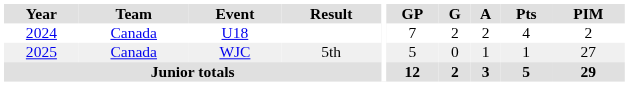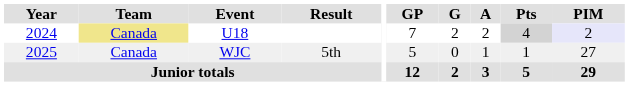 <table border="0" cellpadding="1" cellspacing="0" ID="Table3" style="text-align:center; width:40em">
 <tr bgcolor="#e0e0e0">
 <th>Year</th>
 <th>Team</th>
 <th>Event</th>
 <th>Result</th>
 <th rowspan="99" bgcolor="#ffffff"></th>
 <th>GP</th>
 <th>G</th>
 <th>A</th>
 <th>Pts</th>
 <th>PIM</th>
 </tr>
 <tr>
 <td><a href='#'>2024</a></td>
-<td><a href='#'>Canada</a></td>
+<td style="background: khaki;"><a href='#'>Canada</a></td>
 <td><a href='#'>U18</a></td>
 <td></td>
 <td>7</td>
 <td>2</td>
 <td>2</td>
-<td>4</td>
-<td>2</td>
+<td style="background: lightgrey;">4</td>
+<td style="background: lavender;">2</td>
 </tr>
 <tr bgcolor="#f0f0f0">
 <td><a href='#'>2025</a></td>
 <td><a href='#'>Canada</a></td>
 <td><a href='#'>WJC</a></td>
 <td>5th</td>
 <td>5</td>
 <td>0</td>
 <td>1</td>
 <td>1</td>
 <td>27</td>
 </tr>
 <tr bgcolor="#e0e0e0">
 <th colspan="4">Junior totals</th>
 <th>12</th>
 <th>2</th>
 <th>3</th>
 <th>5</th>
 <th>29</th>
 </tr>
 </table>
